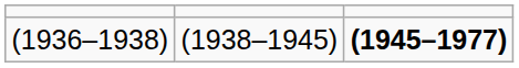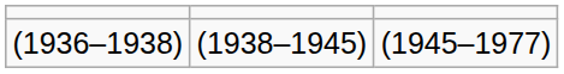 <table class="wikitable">
 <tr>
 <td></td>
 <td></td>
 <td></td>
 </tr>
 <tr>
 <td>(1936–1938)</td>
 <td>(1938–1945)</td>
-<td><strong>(1945–1977)</strong></td>
+<td>(1945–1977)</td>
 </tr>
 </table>
